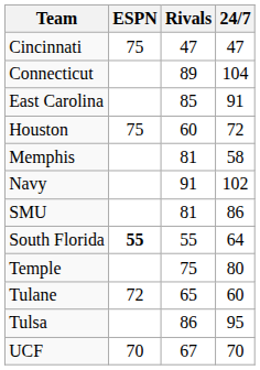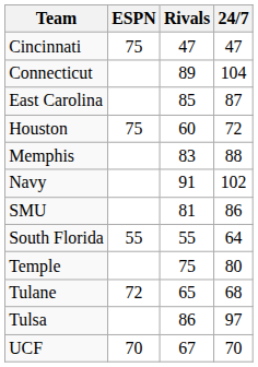 <table class="wikitable">
 <tr>
 <th>Team</th>
 <th>ESPN</th>
 <th>Rivals</th>
 <th>24/7</th>
 </tr>
 <tr>
 <td>Cincinnati</td>
 <td style="text-align:center; background:white">75</td>
 <td style="text-align:center; background:white">47</td>
 <td style="text-align:center; background:white">47</td>
 </tr>
 <tr>
 <td>Connecticut</td>
 <td style="text-align:center; background:white"></td>
 <td style="text-align:center; background:white">89</td>
 <td style="text-align:center; background:white">104</td>
 </tr>
 <tr>
 <td>East Carolina</td>
 <td style="text-align:center; background:white"></td>
 <td style="text-align:center; background:white">85</td>
-<td style="text-align:center; background:white">91</td>
+<td style="text-align:center; background:white">87</td>
 </tr>
 <tr>
 <td>Houston</td>
 <td style="text-align:center; background:white">75</td>
 <td style="text-align:center; background:white">60</td>
 <td style="text-align:center; background:white">72</td>
 </tr>
 <tr>
 <td>Memphis</td>
 <td style="text-align:center; background:white"></td>
-<td style="text-align:center; background:white">81</td>
-<td style="text-align:center; background:white">58</td>
+<td style="text-align:center; background:white">83</td>
+<td style="text-align:center; background:white">88</td>
 </tr>
 <tr>
 <td>Navy</td>
 <td style="text-align:center; background:white"></td>
 <td style="text-align:center; background:white">91</td>
 <td style="text-align:center; background:white">102</td>
 </tr>
 <tr>
 <td>SMU</td>
 <td style="text-align:center; background:white"></td>
 <td style="text-align:center; background:white">81</td>
 <td style="text-align:center; background:white">86</td>
 </tr>
 <tr>
 <td>South Florida</td>
-<td style="text-align:center; background:white"><strong>55</strong></td>
+<td style="text-align:center; background:white">55</td>
 <td style="text-align:center; background:white">55</td>
 <td style="text-align:center; background:white">64</td>
 </tr>
 <tr>
 <td>Temple</td>
 <td style="text-align:center; background:white"></td>
 <td style="text-align:center; background:white">75</td>
 <td style="text-align:center; background:white">80</td>
 </tr>
 <tr>
 <td>Tulane</td>
 <td style="text-align:center; background:white">72</td>
 <td style="text-align:center; background:white">65</td>
-<td style="text-align:center; background:white">60</td>
+<td style="text-align:center; background:white">68</td>
 </tr>
 <tr>
 <td>Tulsa</td>
 <td style="text-align:center; background:white"></td>
 <td style="text-align:center; background:white">86</td>
-<td style="text-align:center; background:white">95</td>
+<td style="text-align:center; background:white">97</td>
 </tr>
 <tr>
 <td>UCF</td>
 <td style="text-align:center; background:white">70</td>
 <td style="text-align:center; background:white">67</td>
 <td style="text-align:center; background:white">70</td>
 </tr>
 </table>
